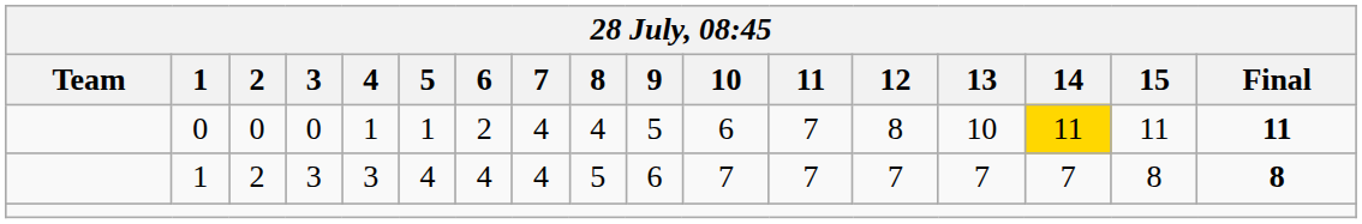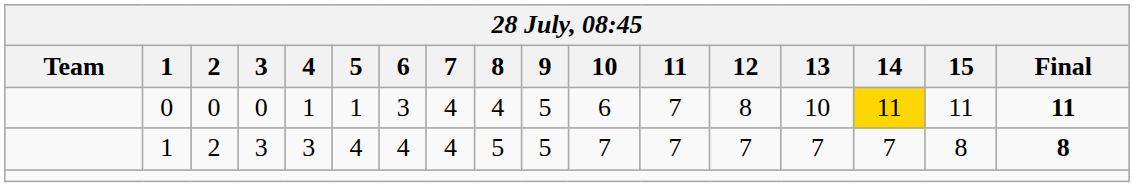 <table class=wikitable style="text-align:center; width: 55%">
 <tr>
 <th colspan=17><em>28 July, 08:45</em></th>
 </tr>
 <tr>
 <th>Team</th>
 <th>1</th>
 <th>2</th>
 <th>3</th>
 <th>4</th>
 <th>5</th>
 <th>6</th>
 <th>7</th>
 <th>8</th>
 <th>9</th>
 <th>10</th>
 <th>11</th>
 <th>12</th>
 <th>13</th>
 <th>14</th>
 <th>15</th>
 <th>Final</th>
 </tr>
 <tr>
 <td align=left><strong></strong></td>
 <td>0</td>
 <td>0</td>
 <td>0</td>
 <td>1</td>
 <td>1</td>
-<td>2</td>
+<td>3</td>
 <td>4</td>
 <td>4</td>
 <td>5</td>
 <td>6</td>
 <td>7</td>
 <td>8</td>
 <td>10</td>
 <td style="background: gold;">11</td>
 <td>11</td>
 <td><strong>11</strong></td>
 </tr>
 <tr>
 <td align=left></td>
 <td>1</td>
 <td>2</td>
 <td>3</td>
 <td>3</td>
 <td>4</td>
 <td>4</td>
 <td>4</td>
 <td>5</td>
-<td>6</td>
+<td>5</td>
 <td>7</td>
 <td>7</td>
 <td>7</td>
 <td>7</td>
 <td>7</td>
 <td>8</td>
 <td><strong>8</strong></td>
 </tr>
 <tr>
 <td colspan=17></td>
 </tr>
 </table>
